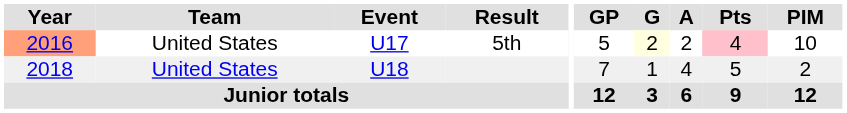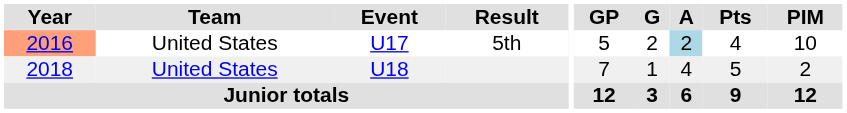 <table border="0" cellpadding="1" cellspacing="0" ID="Table3" style="text-align:center; width:40em">
 <tr bgcolor="#e0e0e0">
 <th>Year</th>
 <th>Team</th>
 <th>Event</th>
 <th>Result</th>
 <th rowspan="99" bgcolor="#ffffff"></th>
 <th>GP</th>
 <th>G</th>
 <th>A</th>
 <th>Pts</th>
 <th>PIM</th>
 </tr>
 <tr>
 <td style="background: lightsalmon;"><a href='#'>2016</a></td>
 <td>United States</td>
 <td><a href='#'>U17</a></td>
 <td>5th</td>
 <td>5</td>
-<td style="background: lightyellow;">2</td>
 <td>2</td>
-<td style="background: pink;">4</td>
+<td style="background: lightblue;">2</td>
+<td>4</td>
 <td>10</td>
 </tr>
 <tr bgcolor="#f0f0f0">
 <td><a href='#'>2018</a></td>
 <td><a href='#'>United States</a></td>
 <td><a href='#'>U18</a></td>
 <td></td>
 <td>7</td>
 <td>1</td>
 <td>4</td>
 <td>5</td>
 <td>2</td>
 </tr>
 <tr bgcolor="#e0e0e0">
 <th colspan="4">Junior totals</th>
 <th>12</th>
 <th>3</th>
 <th>6</th>
 <th>9</th>
 <th>12</th>
 </tr>
 </table>
